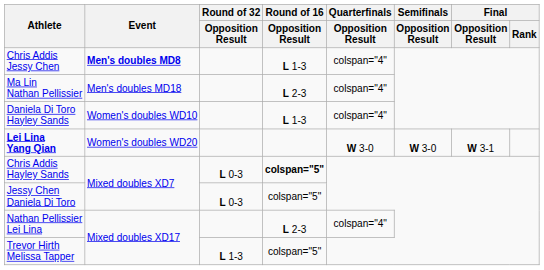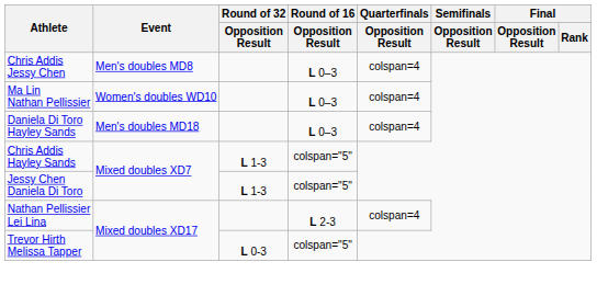 <table class=wikitable style="font-size:90%">
 <tr>
 <th rowspan="2">Athlete</th>
 <th rowspan="2">Event</th>
 <th>Round of 32</th>
 <th>Round of 16</th>
 <th>Quarterfinals</th>
 <th>Semifinals</th>
 <th colspan="2">Final</th>
 </tr>
 <tr>
 <th>Opposition<br>Result</th>
 <th>Opposition<br>Result</th>
 <th>Opposition<br>Result</th>
 <th>Opposition<br>Result</th>
 <th>Opposition<br>Result</th>
 <th>Rank</th>
 </tr>
 <tr align=center>
 <td align=left><a href='#'>Chris Addis</a><br><a href='#'>Jessy Chen</a></td>
-<td align=left><strong><a href='#'>Men's doubles MD8</a></strong></td>
+<td align=left><a href='#'>Men's doubles MD8</a></td>
 <td></td>
-<td><br><strong>L</strong> 1-3</td>
-<td>colspan="4" </td>
+<td><br><strong>L</strong> 0–3</td>
+<td>colspan=4 </td>
 </tr>
 <tr align=center>
 <td align=left><a href='#'>Ma Lin</a><br><a href='#'>Nathan Pellissier</a></td>
-<td align=left><a href='#'>Men's doubles MD18</a></td>
+<td align=left><a href='#'>Women's doubles WD10</a></td>
 <td></td>
-<td><br><strong>L</strong> 2-3</td>
-<td>colspan="4" </td>
+<td><br><strong>L</strong> 0–3</td>
+<td>colspan=4 </td>
 </tr>
 <tr align=center>
 <td align=left><a href='#'>Daniela Di Toro</a><br><a href='#'>Hayley Sands</a></td>
-<td align=left><a href='#'>Women's doubles WD10</a></td>
+<td align=left><a href='#'>Men's doubles MD18</a></td>
 <td></td>
-<td><br><strong>L</strong> 1-3</td>
-<td>colspan="4" </td>
-</tr>
-<tr align=center>
-<td align=left><strong><a href='#'>Lei Lina</a></strong><br><strong><a href='#'>Yang Qian</a></strong></td>
-<td align=left><a href='#'>Women's doubles WD20</a></td>
-<td></td>
-<td></td>
-<td><br><strong>W</strong> 3-0</td>
-<td><br><strong>W</strong> 3-0</td>
-<td><br><strong>W</strong> 3-1</td>
-<td></td>
+<td><br><strong>L</strong> 0–3</td>
+<td>colspan=4 </td>
 </tr>
 <tr align=center>
 <td align=left><a href='#'>Chris Addis</a><br><a href='#'>Hayley Sands</a></td>
 <td align=left rowspan=2><a href='#'>Mixed doubles XD7</a></td>
-<td><br><strong>L</strong> 0-3</td>
-<td><strong>colspan="5" </strong></td>
+<td><br><strong>L</strong> 1-3</td>
+<td>colspan="5" </td>
 </tr>
 <tr align=center>
 <td align=left><a href='#'>Jessy Chen</a><br><a href='#'>Daniela Di Toro</a></td>
-<td><br><strong>L</strong> 0-3</td>
+<td><br><strong>L</strong> 1-3</td>
 <td>colspan="5" </td>
 </tr>
 <tr align=center>
 <td align=left><a href='#'>Nathan Pellissier</a><br> <a href='#'>Lei Lina</a></td>
 <td align=left rowspan=2><a href='#'>Mixed doubles XD17</a></td>
 <td></td>
 <td><br><strong>L</strong> 2-3</td>
-<td>colspan="4" </td>
+<td>colspan=4 </td>
 </tr>
 <tr align=center>
 <td align=left><a href='#'>Trevor Hirth</a> <br> <a href='#'>Melissa Tapper</a></td>
-<td><br><strong>L</strong> 1-3</td>
+<td><br><strong>L</strong> 0-3</td>
 <td>colspan="5" </td>
 </tr>
 </table>
